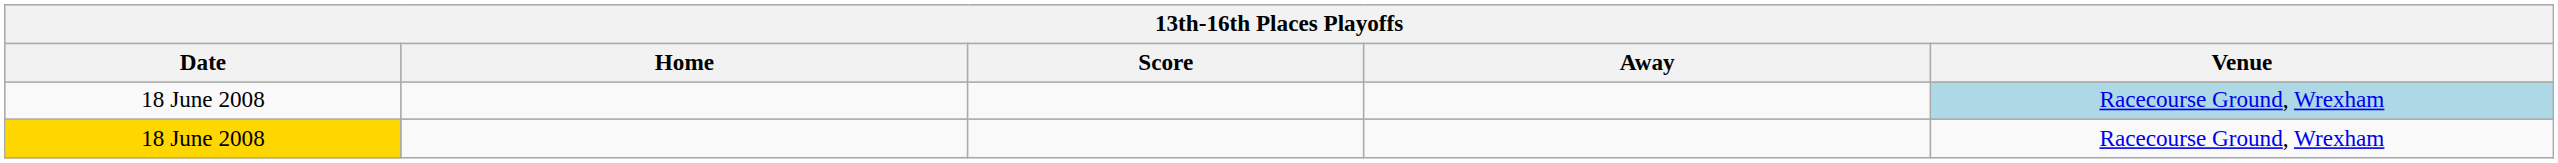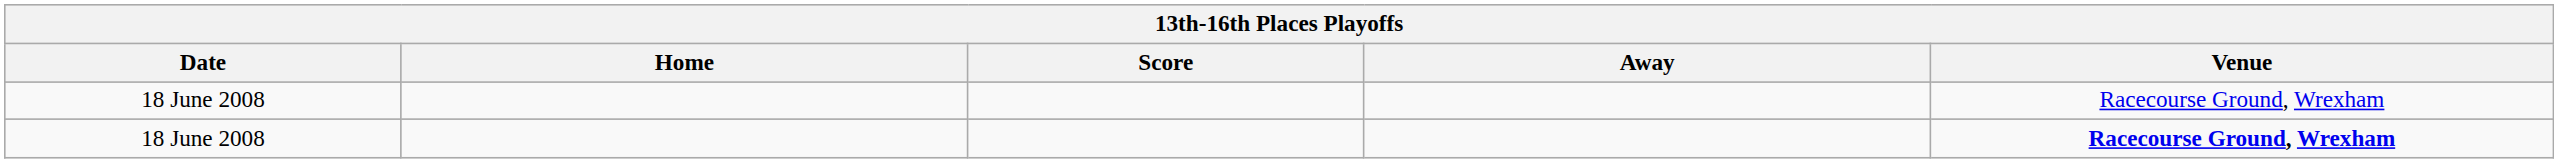 <table class="wikitable" style="font-size:90%; width: 100%; text-align: center;">
 <tr>
 <th colspan=5>13th-16th Places Playoffs</th>
 </tr>
 <tr>
 <th width=7%>Date</th>
 <th width=10%>Home</th>
 <th width=7%>Score</th>
 <th width=10%>Away</th>
 <th width=11%>Venue</th>
 </tr>
 <tr>
 <td>18 June 2008</td>
 <td></td>
 <td></td>
 <td></td>
-<td style="background: lightblue;"><a href='#'>Racecourse Ground</a>, <a href='#'>Wrexham</a></td>
+<td><a href='#'>Racecourse Ground</a>, <a href='#'>Wrexham</a></td>
 </tr>
 <tr>
-<td style="background: gold;">18 June 2008</td>
+<td>18 June 2008</td>
 <td></td>
 <td></td>
 <td></td>
-<td><a href='#'>Racecourse Ground</a>, <a href='#'>Wrexham</a></td>
+<td><strong><a href='#'>Racecourse Ground</a>, <a href='#'>Wrexham</a></strong></td>
 </tr>
 </table>
